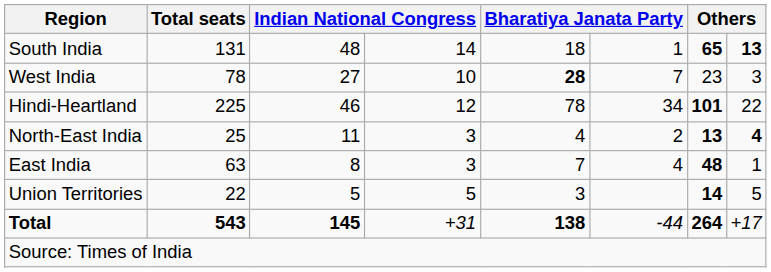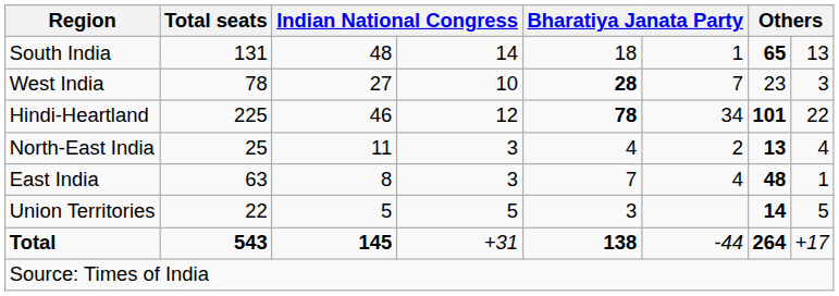 <table class="wikitable" style=text-align:right>
 <tr>
 <th>Region</th>
 <th>Total seats</th>
 <th colspan="2"><a href='#'>Indian National Congress</a></th>
 <th colspan="2"><a href='#'>Bharatiya Janata Party</a></th>
 <th colspan="2">Others</th>
 </tr>
 <tr>
 <td align=left>South India</td>
 <td>131</td>
 <td>48</td>
 <td> 14</td>
 <td>18</td>
 <td> 1</td>
 <td><strong>65</strong></td>
-<td><strong> 13</strong></td>
+<td> 13</td>
 </tr>
 <tr>
 <td align=left>West India</td>
 <td>78</td>
 <td>27</td>
 <td> 10</td>
 <td><strong>28</strong></td>
 <td> 7</td>
 <td>23</td>
 <td> 3</td>
 </tr>
 <tr>
 <td align=left>Hindi-Heartland</td>
 <td>225</td>
 <td>46</td>
 <td> 12</td>
-<td>78</td>
+<td><strong>78</strong></td>
 <td> 34</td>
 <td><strong>101</strong></td>
 <td> 22</td>
 </tr>
 <tr>
 <td align=left>North-East India</td>
 <td>25</td>
 <td>11</td>
 <td> 3</td>
 <td>4</td>
 <td> 2</td>
 <td><strong>13</strong></td>
-<td><strong> 4</strong></td>
+<td> 4</td>
 </tr>
 <tr>
 <td align=left>East India</td>
 <td>63</td>
 <td>8</td>
 <td> 3</td>
 <td>7</td>
 <td> 4</td>
 <td><strong>48</strong></td>
 <td> 1</td>
 </tr>
 <tr>
 <td align=left>Union Territories</td>
 <td>22</td>
 <td>5</td>
 <td> 5</td>
 <td>3</td>
 <td></td>
 <td><strong>14</strong></td>
 <td> 5</td>
 </tr>
 <tr>
 <td align=left><strong>Total</strong></td>
 <td><strong>543</strong></td>
 <td><strong>145</strong></td>
 <td><em>+31</em></td>
 <td><strong>138</strong></td>
 <td><em>-44</em></td>
 <td><strong>264</strong></td>
 <td><em>+17</em></td>
 </tr>
 <tr>
 <td colspan="8" align="left">Source: Times of India</td>
 </tr>
 </table>
